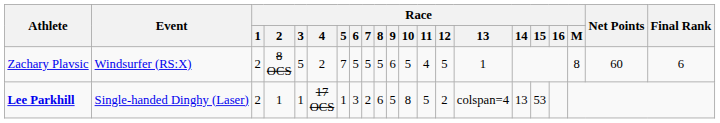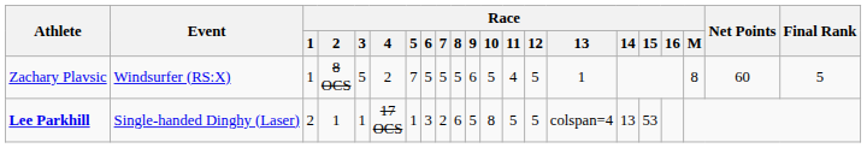 <table class="wikitable" style="font-size:90%">
 <tr>
 <th rowspan=2>Athlete</th>
 <th rowspan=2>Event</th>
 <th colspan=17>Race</th>
 <th rowspan=2>Net Points</th>
 <th rowspan=2>Final Rank</th>
 </tr>
 <tr>
 <th>1</th>
 <th>2</th>
 <th>3</th>
 <th>4</th>
 <th>5</th>
 <th>6</th>
 <th>7</th>
 <th>8</th>
 <th>9</th>
 <th>10</th>
 <th>11</th>
 <th>12</th>
 <th>13</th>
 <th>14</th>
 <th>15</th>
 <th>16</th>
 <th>M</th>
 </tr>
 <tr align=center>
 <td align=left><a href='#'>Zachary Plavsic</a></td>
 <td align=left><a href='#'>Windsurfer (RS:X)</a></td>
-<td>2</td>
+<td>1</td>
 <td><s>8<br>OCS</s></td>
 <td>5</td>
 <td>2</td>
 <td>7</td>
 <td>5</td>
 <td>5</td>
 <td>5</td>
 <td>6</td>
 <td>5</td>
 <td>4</td>
 <td>5</td>
 <td>1</td>
 <td colspan=3></td>
 <td>8</td>
 <td>60</td>
-<td>6</td>
+<td>5</td>
 </tr>
 <tr align=center>
 <td align=left><strong><a href='#'>Lee Parkhill</a></strong></td>
 <td align=left><a href='#'>Single-handed Dinghy (Laser)</a></td>
 <td>2</td>
 <td>1</td>
 <td>1</td>
 <td><s>17<br> OCS</s></td>
 <td>1</td>
 <td>3</td>
 <td>2</td>
 <td>6</td>
 <td>5</td>
 <td>8</td>
 <td>5</td>
-<td>2</td>
+<td>5</td>
 <td>colspan=4 </td>
 <td>13</td>
 <td>53</td>
 <td></td>
 </tr>
 </table>
